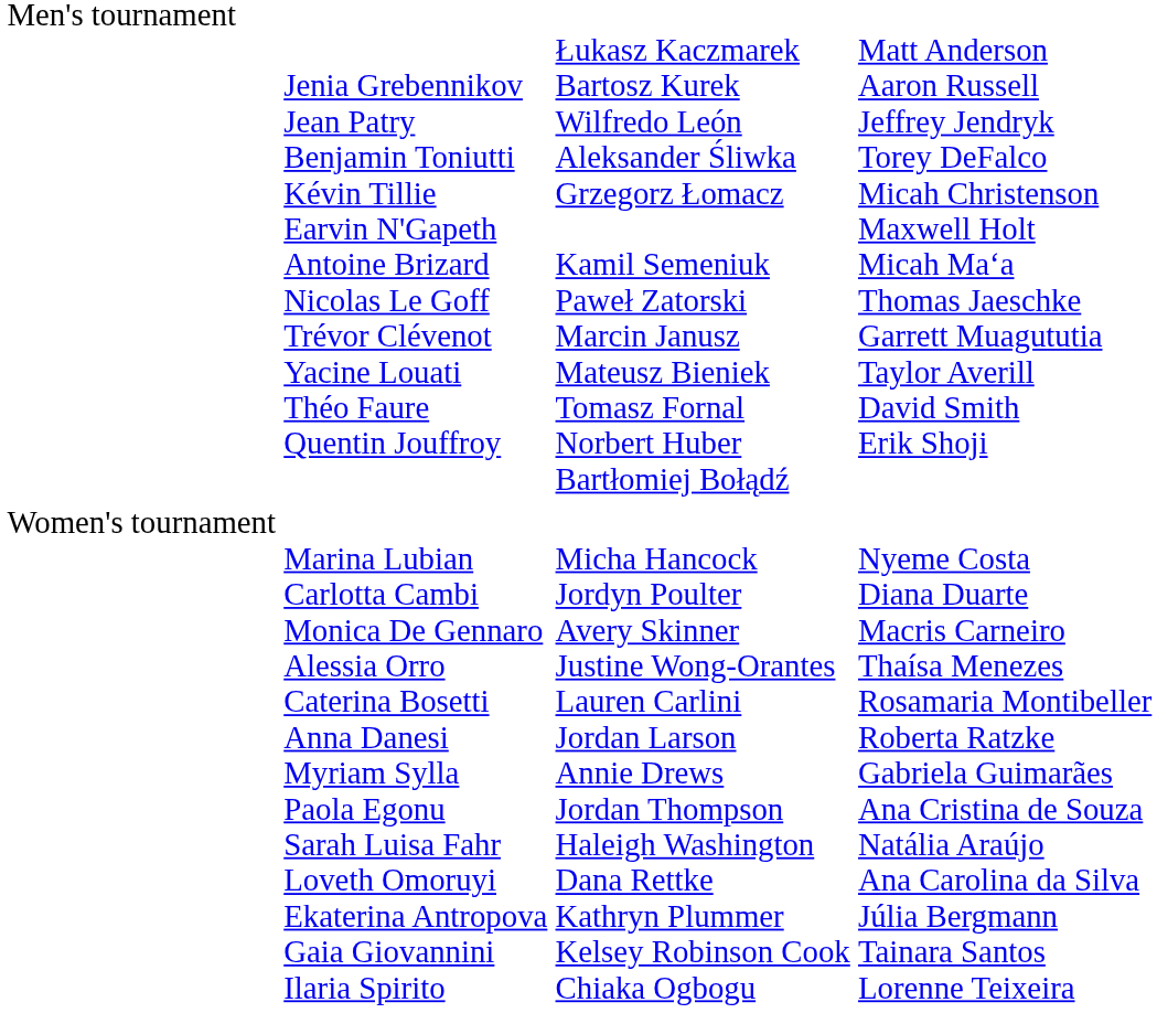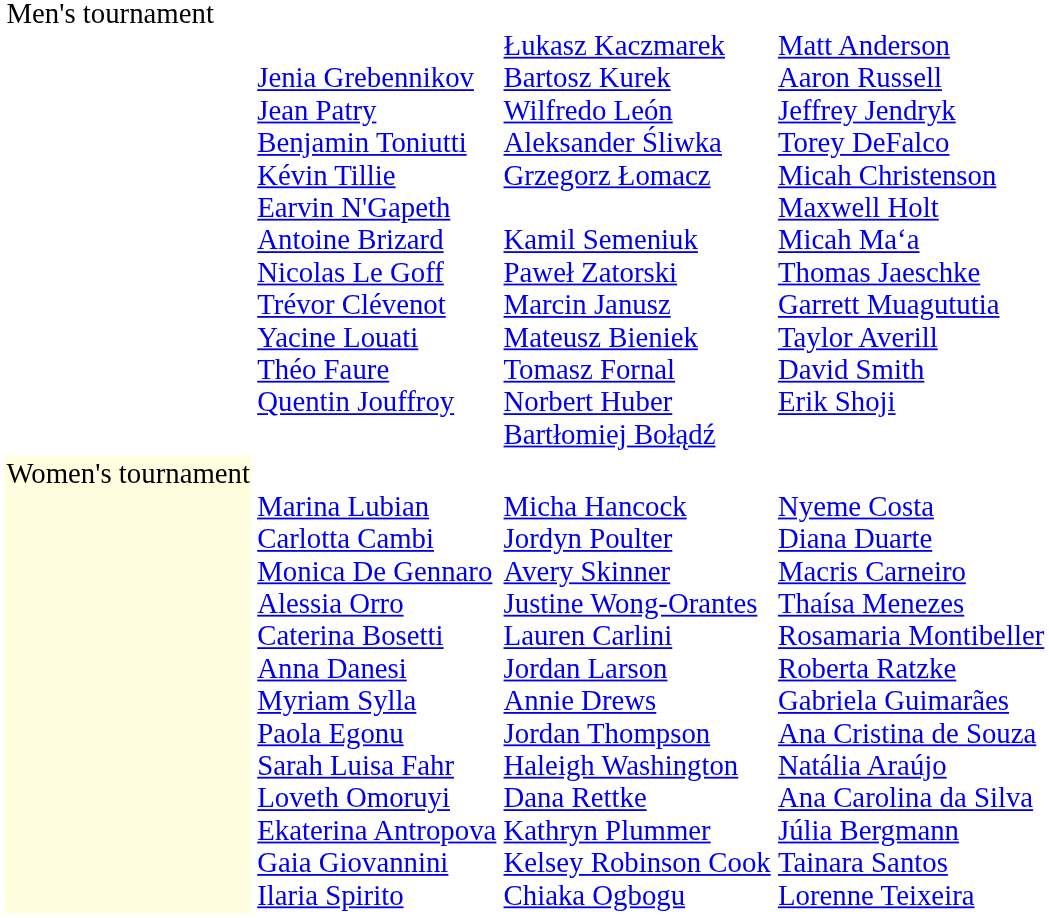 <table>
 <tr valign="top">
 <td>Men's tournament<br></td>
 <td><br><br><a href='#'>Jenia Grebennikov</a><br><a href='#'>Jean Patry</a><br><a href='#'>Benjamin Toniutti</a><br><a href='#'>Kévin Tillie</a><br><a href='#'>Earvin N'Gapeth</a><br><a href='#'>Antoine Brizard</a><br><a href='#'>Nicolas Le Goff</a><br><a href='#'>Trévor Clévenot</a><br><a href='#'>Yacine Louati</a><br><a href='#'>Théo Faure</a><br><a href='#'>Quentin Jouffroy</a></td>
 <td><br><a href='#'>Łukasz Kaczmarek</a><br><a href='#'>Bartosz Kurek</a><br><a href='#'>Wilfredo León</a><br><a href='#'>Aleksander Śliwka</a><br><a href='#'>Grzegorz Łomacz</a><br><br><a href='#'>Kamil Semeniuk</a><br><a href='#'>Paweł Zatorski</a><br><a href='#'>Marcin Janusz</a><br><a href='#'>Mateusz Bieniek</a><br><a href='#'>Tomasz Fornal</a><br><a href='#'>Norbert Huber</a><br><a href='#'>Bartłomiej Bołądź</a></td>
 <td><br><a href='#'>Matt Anderson</a><br><a href='#'>Aaron Russell</a><br><a href='#'>Jeffrey Jendryk</a><br><a href='#'>Torey DeFalco</a><br><a href='#'>Micah Christenson</a><br><a href='#'>Maxwell Holt</a><br><a href='#'>Micah Maʻa</a><br><a href='#'>Thomas Jaeschke</a><br><a href='#'>Garrett Muagututia</a><br><a href='#'>Taylor Averill</a><br><a href='#'>David Smith</a><br><a href='#'>Erik Shoji</a></td>
 </tr>
 <tr valign="top">
-<td>Women's tournament<br></td>
+<td style="background: lightyellow;">Women's tournament<br></td>
 <td><br><a href='#'>Marina Lubian</a><br><a href='#'>Carlotta Cambi</a><br><a href='#'>Monica De Gennaro</a><br><a href='#'>Alessia Orro</a><br><a href='#'>Caterina Bosetti</a><br><a href='#'>Anna Danesi</a><br><a href='#'>Myriam Sylla</a><br><a href='#'>Paola Egonu</a><br><a href='#'>Sarah Luisa Fahr</a><br><a href='#'>Loveth Omoruyi</a><br><a href='#'>Ekaterina Antropova</a><br><a href='#'>Gaia Giovannini</a><br><a href='#'>Ilaria Spirito</a></td>
 <td><br><a href='#'>Micha Hancock</a><br><a href='#'>Jordyn Poulter</a><br><a href='#'>Avery Skinner</a><br><a href='#'>Justine Wong-Orantes</a><br><a href='#'>Lauren Carlini</a><br><a href='#'>Jordan Larson</a><br><a href='#'>Annie Drews</a><br><a href='#'>Jordan Thompson</a><br><a href='#'>Haleigh Washington</a><br><a href='#'>Dana Rettke</a><br><a href='#'>Kathryn Plummer</a><br><a href='#'>Kelsey Robinson Cook</a><br><a href='#'>Chiaka Ogbogu</a></td>
 <td><br><a href='#'>Nyeme Costa</a><br><a href='#'>Diana Duarte</a><br><a href='#'>Macris Carneiro</a><br><a href='#'>Thaísa Menezes</a><br><a href='#'>Rosamaria Montibeller</a><br><a href='#'>Roberta Ratzke</a><br><a href='#'>Gabriela Guimarães</a><br><a href='#'>Ana Cristina de Souza</a><br><a href='#'>Natália Araújo</a><br><a href='#'>Ana Carolina da Silva</a><br><a href='#'>Júlia Bergmann</a><br><a href='#'>Tainara Santos</a><br><a href='#'>Lorenne Teixeira</a></td>
 </tr>
 </table>
